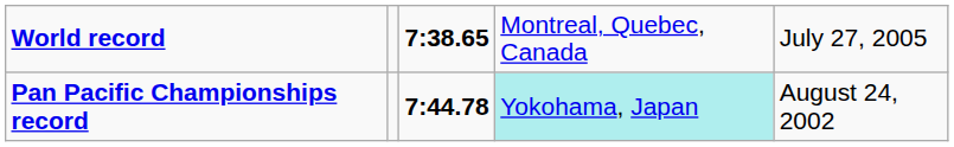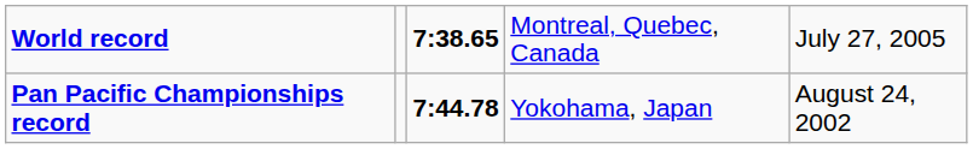 <table class="wikitable">
 <tr>
 <td><strong><a href='#'>World record</a></strong></td>
 <td></td>
 <td><strong>7:38.65</strong></td>
 <td><a href='#'>Montreal, Quebec</a>, <a href='#'>Canada</a></td>
 <td>July 27, 2005</td>
 </tr>
 <tr>
 <td><strong><a href='#'>Pan Pacific Championships record</a></strong></td>
 <td></td>
 <td><strong>7:44.78</strong></td>
-<td style="background: paleturquoise;"><a href='#'>Yokohama</a>, <a href='#'>Japan</a></td>
+<td><a href='#'>Yokohama</a>, <a href='#'>Japan</a></td>
 <td>August 24, 2002</td>
 </tr>
 </table>
